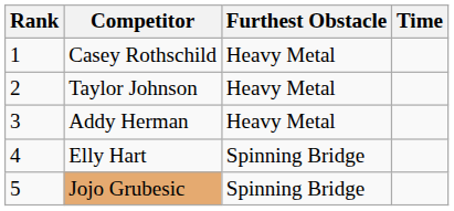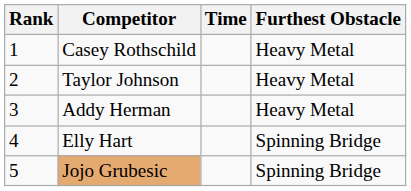 <table class="wikitable sortable mw-collapsible" style="display: inline-table;">
 <tr>
 <th>Rank</th>
 <th>Competitor</th>
+<th>Time</th>
 <th>Furthest Obstacle</th>
-<th>Time</th>
 </tr>
 <tr>
 <td>1</td>
 <td>Casey Rothschild</td>
+<td></td>
 <td>Heavy Metal</td>
-<td></td>
 </tr>
 <tr>
 <td>2</td>
 <td>Taylor Johnson</td>
+<td></td>
 <td>Heavy Metal</td>
-<td></td>
 </tr>
 <tr>
 <td>3</td>
 <td>Addy Herman</td>
+<td></td>
 <td>Heavy Metal</td>
-<td></td>
 </tr>
 <tr>
 <td>4</td>
 <td>Elly Hart</td>
+<td></td>
 <td>Spinning Bridge</td>
-<td></td>
 </tr>
 <tr>
 <td>5</td>
 <td style="background-color:#E5AA70">Jojo Grubesic</td>
+<td></td>
 <td>Spinning Bridge</td>
-<td></td>
 </tr>
 </table>
